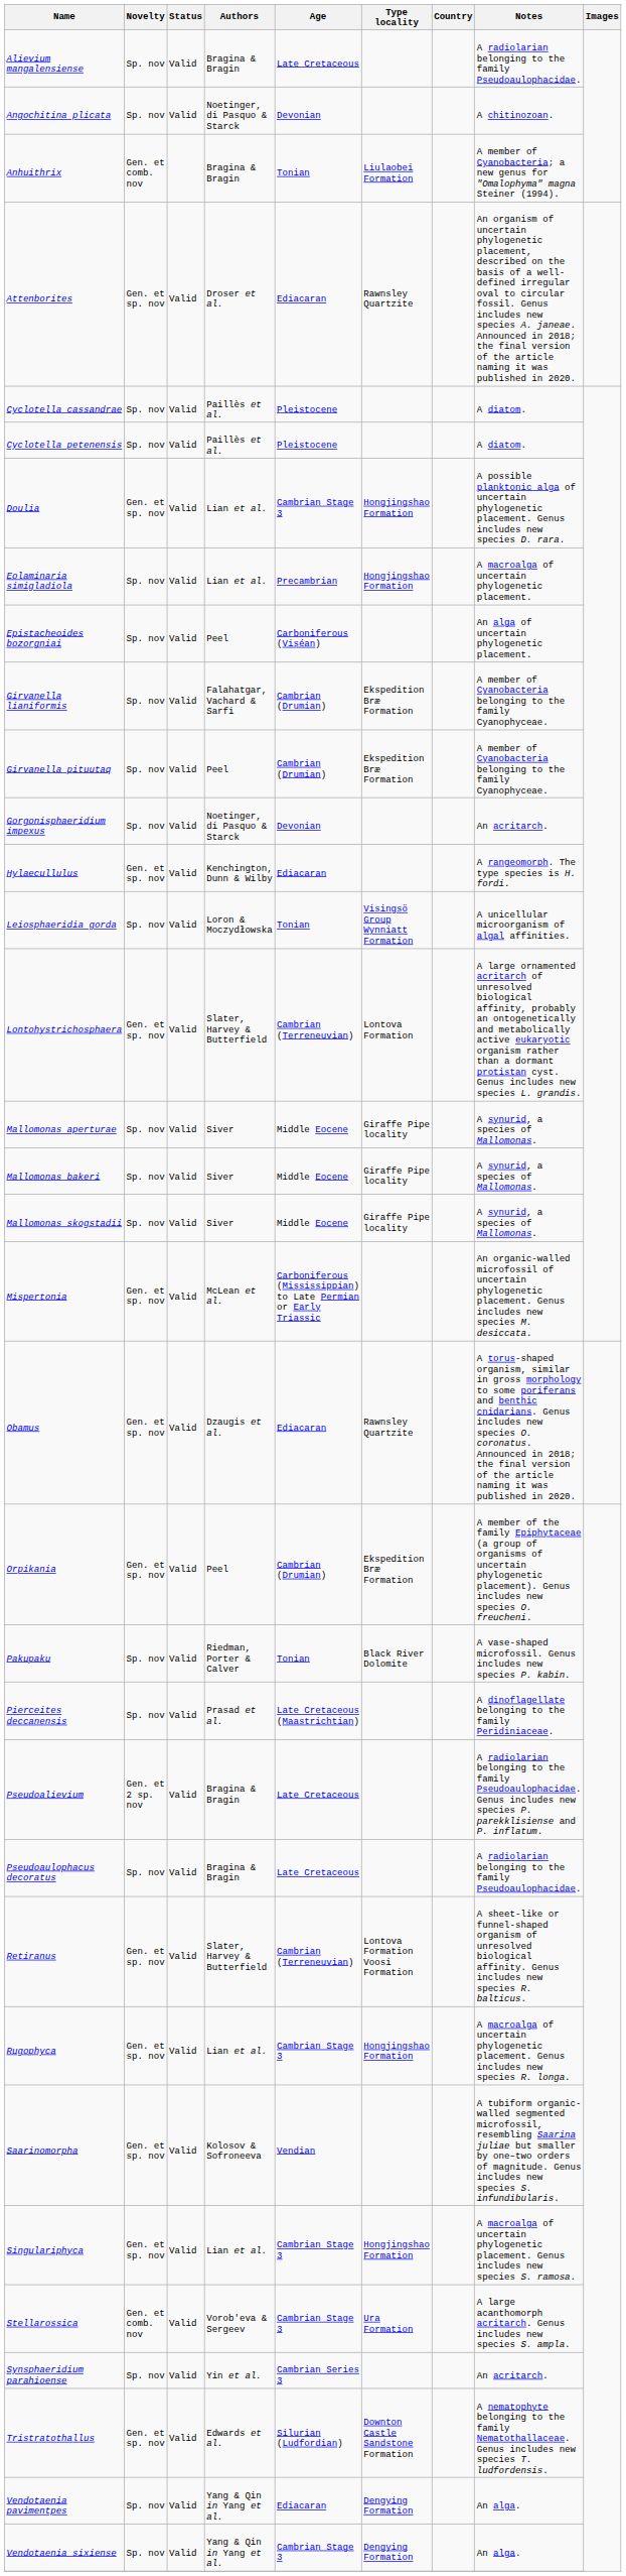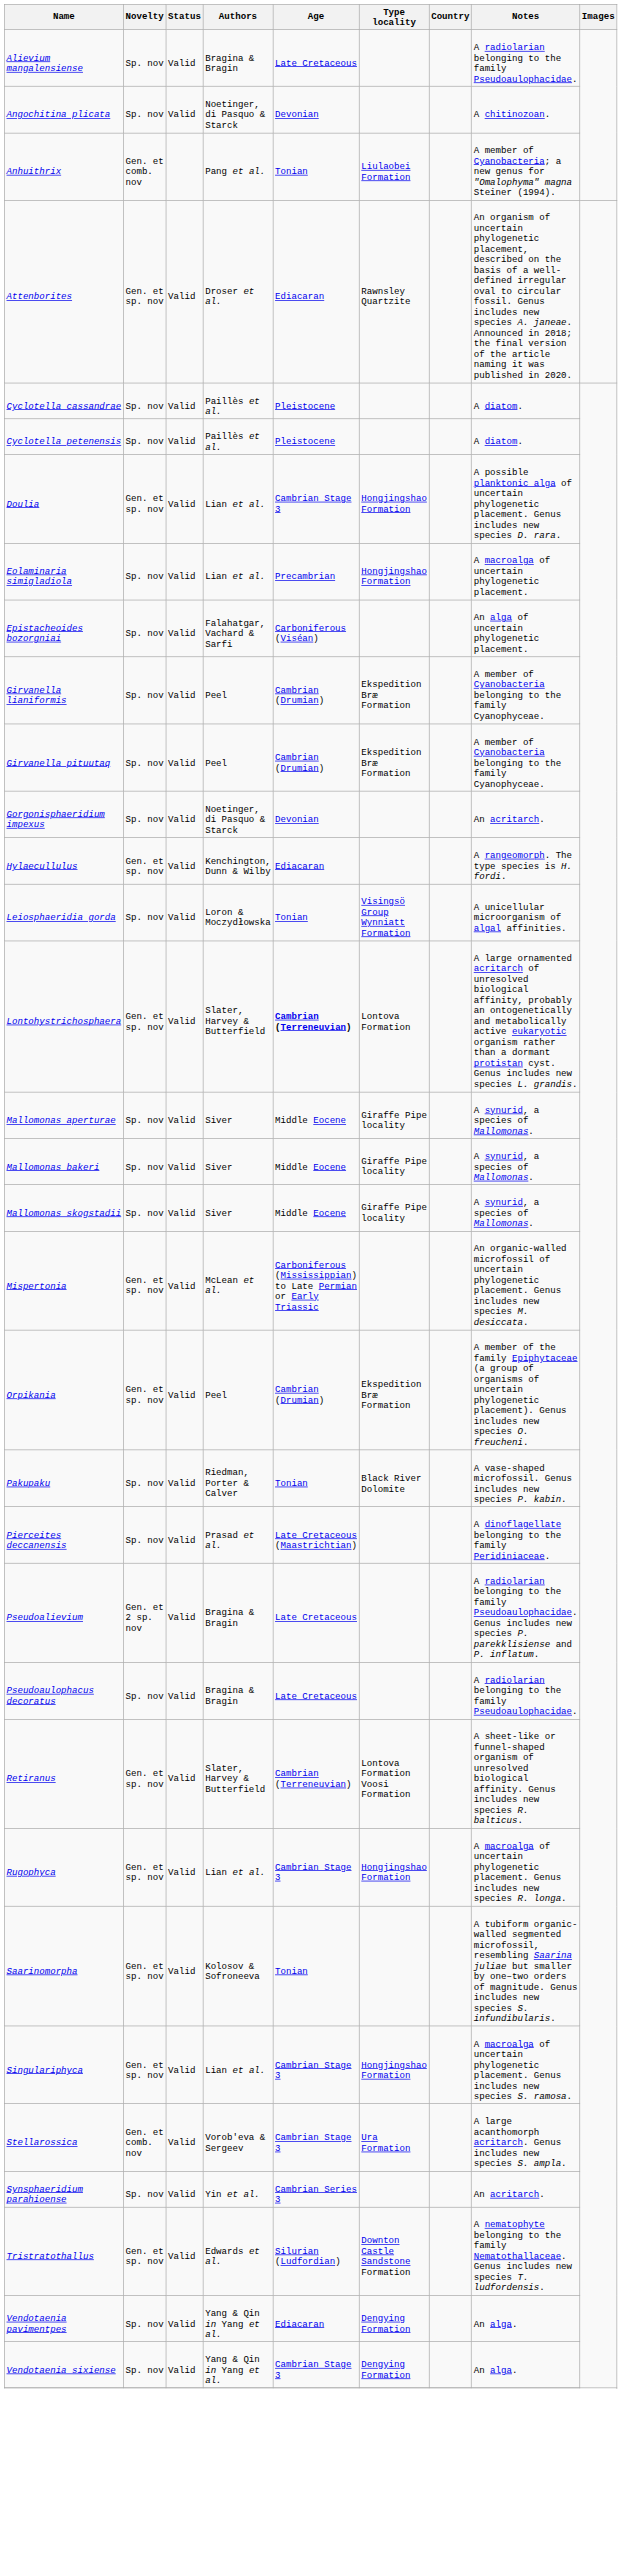 <table class="wikitable sortable" align="center" width="100%">
 <tr>
 <th>Name</th>
 <th>Novelty</th>
 <th>Status</th>
 <th>Authors</th>
 <th>Age</th>
 <th>Type locality</th>
 <th>Country</th>
 <th>Notes</th>
 <th>Images</th>
 </tr>
 <tr>
 <td><br><em><a href='#'>Alievium mangalensiense</a></em></td>
 <td><br>Sp. nov</td>
 <td><br>Valid</td>
 <td><br>Bragina & Bragin</td>
 <td><br><a href='#'>Late Cretaceous</a></td>
 <td></td>
 <td><br></td>
 <td><br>A <a href='#'>radiolarian</a> belonging to the family <a href='#'>Pseudoaulophacidae</a>.</td>
 </tr>
 <tr>
 <td><br><em><a href='#'>Angochitina plicata</a></em></td>
 <td><br>Sp. nov</td>
 <td><br>Valid</td>
 <td><br>Noetinger, di Pasquo & Starck</td>
 <td><br><a href='#'>Devonian</a></td>
 <td></td>
 <td><br></td>
 <td><br>A <a href='#'>chitinozoan</a>.</td>
 </tr>
 <tr>
 <td><br><em><a href='#'>Anhuithrix</a></em></td>
 <td><br>Gen. et comb. nov</td>
 <td></td>
-<td><br>Bragina & Bragin</td>
+<td><br>Pang <em>et al.</em></td>
 <td><br><a href='#'>Tonian</a></td>
 <td><br><a href='#'>Liulaobei Formation</a></td>
 <td><br></td>
 <td><br>A member of <a href='#'>Cyanobacteria</a>; a new genus for <em>"Omalophyma" magna</em> Steiner (1994).</td>
 </tr>
 <tr>
 <td><br><em><a href='#'>Attenborites</a></em></td>
 <td><br>Gen. et sp. nov</td>
 <td><br>Valid</td>
 <td><br>Droser <em>et al.</em></td>
 <td><br><a href='#'>Ediacaran</a></td>
 <td><br>Rawnsley Quartzite</td>
 <td><br></td>
 <td><br>An organism of uncertain phylogenetic placement, described on the basis of a well-defined irregular oval to circular fossil. Genus includes new species <em>A. janeae</em>. Announced in 2018; the final version of the article naming it was published in 2020.</td>
 <td></td>
 </tr>
 <tr>
 <td><br><em><a href='#'>Cyclotella cassandrae</a></em></td>
 <td><br>Sp. nov</td>
 <td><br>Valid</td>
 <td><br>Paillès <em>et al.</em></td>
 <td><br><a href='#'>Pleistocene</a></td>
 <td></td>
 <td><br></td>
 <td><br>A <a href='#'>diatom</a>.</td>
 </tr>
 <tr>
 <td><br><em><a href='#'>Cyclotella petenensis</a></em></td>
 <td><br>Sp. nov</td>
 <td><br>Valid</td>
 <td><br>Paillès <em>et al.</em></td>
 <td><br><a href='#'>Pleistocene</a></td>
 <td></td>
 <td><br></td>
 <td><br>A <a href='#'>diatom</a>.</td>
 </tr>
 <tr>
 <td><br><em><a href='#'>Doulia</a></em></td>
 <td><br>Gen. et sp. nov</td>
 <td><br>Valid</td>
 <td><br>Lian <em>et al.</em></td>
 <td><br><a href='#'>Cambrian Stage 3</a></td>
 <td><br><a href='#'>Hongjingshao Formation</a></td>
 <td><br></td>
 <td><br>A possible <a href='#'>planktonic alga</a> of uncertain phylogenetic placement. Genus includes new species <em>D. rara</em>.</td>
 </tr>
 <tr>
 <td><br><em><a href='#'>Eolaminaria simigladiola</a></em></td>
 <td><br>Sp. nov</td>
 <td><br>Valid</td>
 <td><br>Lian <em>et al.</em></td>
 <td><br><a href='#'>Precambrian</a></td>
 <td><br><a href='#'>Hongjingshao Formation</a></td>
 <td><br></td>
 <td><br>A <a href='#'>macroalga</a> of uncertain phylogenetic placement.</td>
 </tr>
 <tr>
 <td><br><em><a href='#'>Epistacheoides bozorgniai</a></em></td>
 <td><br>Sp. nov</td>
 <td><br>Valid</td>
-<td><br>Peel</td>
+<td><br>Falahatgar, Vachard & Sarfi</td>
 <td><br><a href='#'>Carboniferous</a> (<a href='#'>Viséan</a>)</td>
 <td></td>
 <td><br></td>
 <td><br>An <a href='#'>alga</a> of uncertain phylogenetic placement.</td>
 </tr>
 <tr>
 <td><br><em><a href='#'>Girvanella lianiformis</a></em></td>
 <td><br>Sp. nov</td>
 <td><br>Valid</td>
-<td><br>Falahatgar, Vachard & Sarfi</td>
+<td><br>Peel</td>
 <td><br><a href='#'>Cambrian</a> (<a href='#'>Drumian</a>)</td>
 <td><br>Ekspedition Bræ Formation</td>
 <td><br></td>
 <td><br>A member of <a href='#'>Cyanobacteria</a> belonging to the family Cyanophyceae.</td>
 </tr>
 <tr>
 <td><br><em><a href='#'>Girvanella pituutaq</a></em></td>
 <td><br>Sp. nov</td>
 <td><br>Valid</td>
 <td><br>Peel</td>
 <td><br><a href='#'>Cambrian</a> (<a href='#'>Drumian</a>)</td>
 <td><br>Ekspedition Bræ Formation</td>
 <td><br></td>
 <td><br>A member of <a href='#'>Cyanobacteria</a> belonging to the family Cyanophyceae.</td>
 </tr>
 <tr>
 <td><br><em><a href='#'>Gorgonisphaeridium impexus</a></em></td>
 <td><br>Sp. nov</td>
 <td><br>Valid</td>
 <td><br>Noetinger, di Pasquo & Starck</td>
 <td><br><a href='#'>Devonian</a></td>
 <td></td>
 <td><br></td>
 <td><br>An <a href='#'>acritarch</a>.</td>
 </tr>
 <tr>
 <td><br><em><a href='#'>Hylaecullulus</a></em></td>
 <td><br>Gen. et sp. nov</td>
 <td><br>Valid</td>
 <td><br>Kenchington, Dunn & Wilby</td>
 <td><br><a href='#'>Ediacaran</a></td>
 <td></td>
 <td><br></td>
 <td><br>A <a href='#'>rangeomorph</a>. The type species is <em>H. fordi</em>.</td>
 </tr>
 <tr>
 <td><br><em><a href='#'>Leiosphaeridia gorda</a></em></td>
 <td><br>Sp. nov</td>
 <td><br>Valid</td>
 <td><br>Loron & Moczydłowska</td>
 <td><br><a href='#'>Tonian</a></td>
 <td><br><a href='#'>Visingsö Group</a><br> <a href='#'>Wynniatt Formation</a></td>
 <td><br><br> </td>
 <td><br>A unicellular microorganism of <a href='#'>algal</a> affinities.</td>
 </tr>
 <tr>
 <td><br><em><a href='#'>Lontohystrichosphaera</a></em></td>
 <td><br>Gen. et sp. nov</td>
 <td><br>Valid</td>
 <td><br>Slater, Harvey & Butterfield</td>
-<td><br><a href='#'>Cambrian</a> (<a href='#'>Terreneuvian</a>)</td>
+<td><strong><br><a href='#'>Cambrian</a> (<a href='#'>Terreneuvian</a>)</strong></td>
 <td><br>Lontova Formation</td>
 <td><br></td>
 <td><br>A large ornamented <a href='#'>acritarch</a> of unresolved biological affinity, probably an ontogenetically and metabolically active <a href='#'>eukaryotic</a> organism rather than a dormant <a href='#'>protistan</a> cyst. Genus includes new species <em>L. grandis</em>.</td>
 </tr>
 <tr>
 <td><br><em><a href='#'>Mallomonas aperturae</a></em></td>
 <td><br>Sp. nov</td>
 <td><br>Valid</td>
 <td><br>Siver</td>
 <td><br>Middle <a href='#'>Eocene</a></td>
 <td><br>Giraffe Pipe locality</td>
 <td><br></td>
 <td><br>A <a href='#'>synurid</a>, a species of <em><a href='#'>Mallomonas</a></em>.</td>
 </tr>
 <tr>
 <td><br><em><a href='#'>Mallomonas bakeri</a></em></td>
 <td><br>Sp. nov</td>
 <td><br>Valid</td>
 <td><br>Siver</td>
 <td><br>Middle <a href='#'>Eocene</a></td>
 <td><br>Giraffe Pipe locality</td>
 <td><br></td>
 <td><br>A <a href='#'>synurid</a>, a species of <em><a href='#'>Mallomonas</a></em>.</td>
 </tr>
 <tr>
 <td><br><em><a href='#'>Mallomonas skogstadii</a></em></td>
 <td><br>Sp. nov</td>
 <td><br>Valid</td>
 <td><br>Siver</td>
 <td><br>Middle <a href='#'>Eocene</a></td>
 <td><br>Giraffe Pipe locality</td>
 <td><br></td>
 <td><br>A <a href='#'>synurid</a>, a species of <em><a href='#'>Mallomonas</a></em>.</td>
 </tr>
 <tr>
 <td><br><em><a href='#'>Mispertonia</a></em></td>
 <td><br>Gen. et sp. nov</td>
 <td><br>Valid</td>
 <td><br>McLean <em>et al.</em></td>
 <td><br><a href='#'>Carboniferous</a> (<a href='#'>Mississippian</a>) to Late <a href='#'>Permian</a> or <a href='#'>Early Triassic</a></td>
 <td></td>
 <td><br><br> </td>
 <td><br>An organic-walled microfossil of uncertain phylogenetic placement. Genus includes new species <em>M. desiccata</em>.</td>
-</tr>
-<tr>
-<td><br><em><a href='#'>Obamus</a></em></td>
-<td><br>Gen. et sp. nov</td>
-<td><br>Valid</td>
-<td><br>Dzaugis <em>et al.</em></td>
-<td><br><a href='#'>Ediacaran</a></td>
-<td><br>Rawnsley Quartzite</td>
-<td><br></td>
-<td><br>A <a href='#'>torus</a>-shaped organism, similar in gross <a href='#'>morphology</a> to some <a href='#'>poriferans</a> and <a href='#'>benthic</a> <a href='#'>cnidarians</a>. Genus includes new species <em>O. coronatus</em>. Announced in 2018; the final version of the article naming it was published in 2020.</td>
-<td></td>
 </tr>
 <tr>
 <td><br><em><a href='#'>Orpikania</a></em></td>
 <td><br>Gen. et sp. nov</td>
 <td><br>Valid</td>
 <td><br>Peel</td>
 <td><br><a href='#'>Cambrian</a> (<a href='#'>Drumian</a>)</td>
 <td><br>Ekspedition Bræ Formation</td>
 <td><br></td>
 <td><br>A member of the family <a href='#'>Epiphytaceae</a> (a group of organisms of uncertain phylogenetic placement). Genus includes new species <em>O. freucheni</em>.</td>
 </tr>
 <tr>
 <td><br><em><a href='#'>Pakupaku</a></em></td>
 <td><br>Sp. nov</td>
 <td><br>Valid</td>
 <td><br>Riedman, Porter & Calver</td>
 <td><br><a href='#'>Tonian</a></td>
 <td><br>Black River Dolomite</td>
 <td><br></td>
 <td><br>A vase-shaped microfossil. Genus includes new species <em>P. kabin</em>.</td>
 </tr>
 <tr>
 <td><br><em><a href='#'>Pierceites deccanensis</a></em></td>
 <td><br>Sp. nov</td>
 <td><br>Valid</td>
 <td><br>Prasad <em>et al.</em></td>
 <td><br><a href='#'>Late Cretaceous</a> (<a href='#'>Maastrichtian</a>)</td>
 <td></td>
 <td><br></td>
 <td><br>A <a href='#'>dinoflagellate</a> belonging to the family <a href='#'>Peridiniaceae</a>.</td>
 </tr>
 <tr>
 <td><br><em><a href='#'>Pseudoalievium</a></em></td>
 <td><br>Gen. et 2 sp. nov</td>
 <td><br>Valid</td>
 <td><br>Bragina & Bragin</td>
 <td><br><a href='#'>Late Cretaceous</a></td>
 <td></td>
 <td><br></td>
 <td><br>A <a href='#'>radiolarian</a> belonging to the family <a href='#'>Pseudoaulophacidae</a>. Genus includes new species <em>P. parekklisiense</em> and <em>P. inflatum</em>.</td>
 </tr>
 <tr>
 <td><br><em><a href='#'>Pseudoaulophacus decoratus</a></em></td>
 <td><br>Sp. nov</td>
 <td><br>Valid</td>
 <td><br>Bragina & Bragin</td>
 <td><br><a href='#'>Late Cretaceous</a></td>
 <td></td>
 <td><br></td>
 <td><br>A <a href='#'>radiolarian</a> belonging to the family <a href='#'>Pseudoaulophacidae</a>.</td>
 </tr>
 <tr>
 <td><br><em><a href='#'>Retiranus</a></em></td>
 <td><br>Gen. et sp. nov</td>
 <td><br>Valid</td>
 <td><br>Slater, Harvey & Butterfield</td>
 <td><br><a href='#'>Cambrian</a> (<a href='#'>Terreneuvian</a>)</td>
 <td><br>Lontova Formation<br> Voosi Formation</td>
 <td><br><br> </td>
 <td><br>A sheet-like or funnel-shaped organism of unresolved biological affinity. Genus includes new species <em>R. balticus</em>.</td>
 </tr>
 <tr>
 <td><br><em><a href='#'>Rugophyca</a></em></td>
 <td><br>Gen. et sp. nov</td>
 <td><br>Valid</td>
 <td><br>Lian <em>et al.</em></td>
 <td><br><a href='#'>Cambrian Stage 3</a></td>
 <td><br><a href='#'>Hongjingshao Formation</a></td>
 <td><br></td>
 <td><br>A <a href='#'>macroalga</a> of uncertain phylogenetic placement. Genus includes new species <em>R. longa</em>.</td>
 </tr>
 <tr>
 <td><br><em><a href='#'>Saarinomorpha</a></em></td>
 <td><br>Gen. et sp. nov</td>
 <td><br>Valid</td>
 <td><br>Kolosov & Sofroneeva</td>
-<td><br><a href='#'>Vendian</a></td>
+<td><br><a href='#'>Tonian</a></td>
 <td></td>
 <td><br></td>
 <td><br>A tubiform organic-walled segmented microfossil, resembling <em><a href='#'>Saarina</a> juliae</em> but smaller by one–two orders of magnitude. Genus includes new species <em>S. infundibularis</em>.</td>
 </tr>
 <tr>
 <td><br><em><a href='#'>Singulariphyca</a></em></td>
 <td><br>Gen. et sp. nov</td>
 <td><br>Valid</td>
 <td><br>Lian <em>et al.</em></td>
 <td><br><a href='#'>Cambrian Stage 3</a></td>
 <td><br><a href='#'>Hongjingshao Formation</a></td>
 <td><br></td>
 <td><br>A <a href='#'>macroalga</a> of uncertain phylogenetic placement. Genus includes new species <em>S. ramosa</em>.</td>
 </tr>
 <tr>
 <td><br><em><a href='#'>Stellarossica</a></em></td>
 <td><br>Gen. et comb. nov</td>
 <td><br>Valid</td>
 <td><br>Vorob'eva & Sergeev</td>
 <td><br><a href='#'>Cambrian Stage 3</a></td>
 <td><br><a href='#'>Ura Formation</a></td>
 <td><br></td>
 <td><br>A large acanthomorph <a href='#'>acritarch</a>. Genus includes new species <em>S. ampla</em>.</td>
 </tr>
 <tr>
 <td><br><em><a href='#'>Synsphaeridium parahioense</a></em></td>
 <td><br>Sp. nov</td>
 <td><br>Valid</td>
 <td><br>Yin <em>et al.</em></td>
 <td><br><a href='#'>Cambrian Series 3</a></td>
 <td></td>
 <td><br></td>
 <td><br>An <a href='#'>acritarch</a>.</td>
 </tr>
 <tr>
 <td><br><em><a href='#'>Tristratothallus</a></em></td>
 <td><br>Gen. et sp. nov</td>
 <td><br>Valid</td>
 <td><br>Edwards <em>et al.</em></td>
 <td><br><a href='#'>Silurian</a> (<a href='#'>Ludfordian</a>)</td>
 <td><br><a href='#'>Downton Castle Sandstone</a> Formation</td>
 <td><br></td>
 <td><br>A <a href='#'>nematophyte</a> belonging to the family <a href='#'>Nematothallaceae</a>. Genus includes new species <em>T. ludfordensis</em>.</td>
 </tr>
 <tr>
 <td><br><em><a href='#'>Vendotaenia pavimentpes</a></em></td>
 <td><br>Sp. nov</td>
 <td><br>Valid</td>
 <td><br>Yang & Qin <em>in</em> Yang <em>et al.</em></td>
 <td><br><a href='#'>Ediacaran</a></td>
 <td><br><a href='#'>Dengying Formation</a></td>
 <td><br></td>
 <td><br>An <a href='#'>alga</a>.</td>
 </tr>
 <tr>
 <td><br><em><a href='#'>Vendotaenia sixiense</a></em></td>
 <td><br>Sp. nov</td>
 <td><br>Valid</td>
 <td><br>Yang & Qin <em>in</em> Yang <em>et al.</em></td>
 <td><br><a href='#'>Cambrian Stage 3</a></td>
 <td><br><a href='#'>Dengying Formation</a></td>
 <td><br></td>
 <td><br>An <a href='#'>alga</a>.</td>
 </tr>
 <tr>
 </tr>
 </table>
